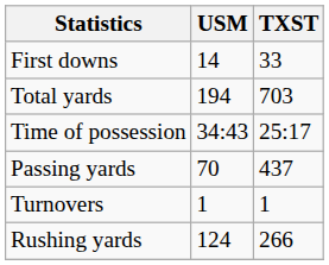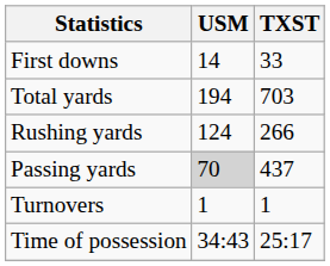 <table class="wikitable" style="float: left;">
 <tr>
 <th>Statistics</th>
 <th>USM</th>
 <th>TXST</th>
 </tr>
 <tr>
 <td>First downs</td>
 <td>14</td>
 <td>33</td>
 </tr>
 <tr>
 <td>Total yards</td>
 <td>194</td>
 <td>703</td>
 </tr>
 <tr>
-<td>Time of possession</td>
-<td>34:43</td>
-<td>25:17</td>
+<td>Rushing yards</td>
+<td>124</td>
+<td>266</td>
 </tr>
 <tr>
 <td>Passing yards</td>
-<td>70</td>
+<td style="background: lightgrey;">70</td>
 <td>437</td>
 </tr>
 <tr>
 <td>Turnovers</td>
 <td>1</td>
 <td>1</td>
 </tr>
 <tr>
-<td>Rushing yards</td>
-<td>124</td>
-<td>266</td>
+<td>Time of possession</td>
+<td>34:43</td>
+<td>25:17</td>
 </tr>
 <tr>
 </tr>
 </table>
